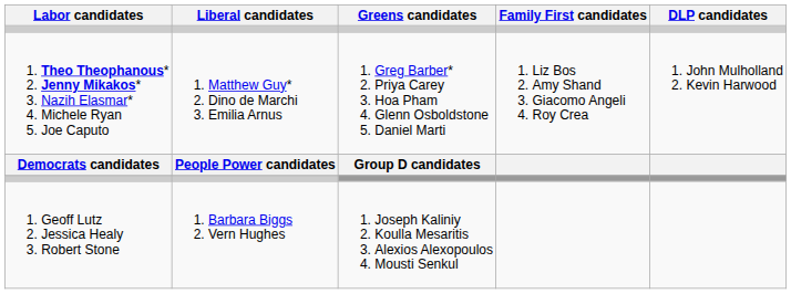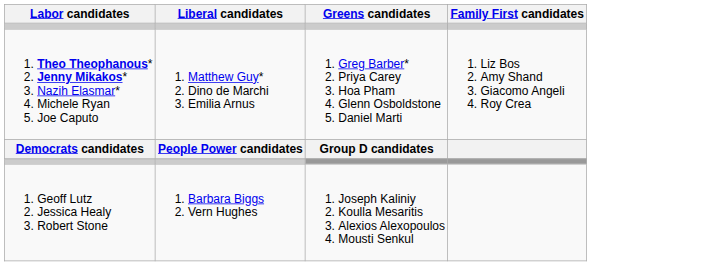 <table class="wikitable">
 <tr>
 <th><a href='#'>Labor</a> candidates</th>
 <th><a href='#'>Liberal</a> candidates</th>
 <th><a href='#'>Greens</a> candidates</th>
 <th><a href='#'>Family First</a> candidates</th>
-<th><a href='#'>DLP</a> candidates</th>
 </tr>
 <tr bgcolor="#cccccc">
-<td></td>
 <td></td>
 <td></td>
 <td></td>
 <td></td>
 </tr>
 <tr>
 <td><br><ol><li><strong><a href='#'>Theo Theophanous</a></strong>*</li><li><strong><a href='#'>Jenny Mikakos</a></strong>*</li><li><a href='#'>Nazih Elasmar</a>*</li><li>Michele Ryan</li><li>Joe Caputo</li></ol></td>
 <td><br><ol><li><a href='#'>Matthew Guy</a>*</li><li>Dino de Marchi</li><li>Emilia Arnus</li></ol></td>
 <td><br><ol><li><a href='#'>Greg Barber</a>*</li><li>Priya Carey</li><li>Hoa Pham</li><li>Glenn Osboldstone</li><li>Daniel Marti</li></ol></td>
 <td valign=top><br><ol><li>Liz Bos</li><li>Amy Shand</li><li>Giacomo Angeli</li><li>Roy Crea</li></ol></td>
-<td valign=top><br><ol><li>John Mulholland</li><li>Kevin Harwood</li></ol></td>
 </tr>
 <tr bgcolor="#cccccc">
 <th><a href='#'>Democrats</a> candidates</th>
 <th><a href='#'>People Power</a> candidates</th>
 <th>Group D candidates</th>
 <th></th>
-<th></th>
 </tr>
 <tr bgcolor="#cccccc">
 <td></td>
 <td></td>
-<td bgcolor="#999999"></td>
 <td bgcolor="#999999"></td>
 <td bgcolor="#999999"></td>
 </tr>
 <tr>
 <td valign=top><br><ol><li>Geoff Lutz</li><li>Jessica Healy</li><li>Robert Stone</li></ol></td>
 <td valign=top><br><ol><li><a href='#'>Barbara Biggs</a></li><li>Vern Hughes</li></ol></td>
 <td valign=top><br><ol><li>Joseph Kaliniy</li><li>Koulla Mesaritis</li><li>Alexios Alexopoulos</li><li>Mousti Senkul</li></ol></td>
 <td valign=top></td>
-<td valign=top></td>
 </tr>
 </table>
